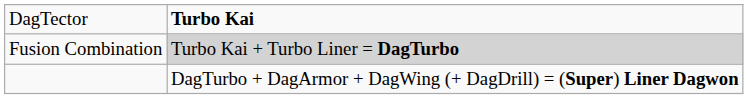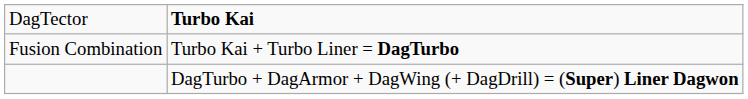 <table class="wikitable" style="text-align:left">
 <tr>
 <td>DagTector</td>
 <td><strong>Turbo Kai</strong></td>
 </tr>
 <tr>
 <td>Fusion Combination</td>
-<td style="background: lightgrey;">Turbo Kai + Turbo Liner = <strong>DagTurbo</strong></td>
+<td>Turbo Kai + Turbo Liner = <strong>DagTurbo</strong></td>
 </tr>
 <tr>
 <td></td>
 <td>DagTurbo + DagArmor + DagWing (+ DagDrill) = (<strong>Super</strong>) <strong>Liner Dagwon</strong></td>
 </tr>
 </table>
